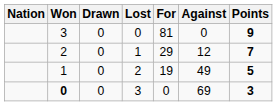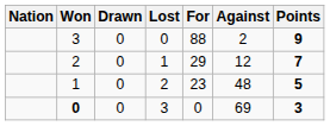 <table class="wikitable" style="text-align: center;">
 <tr>
 <th>Nation</th>
 <th>Won</th>
 <th>Drawn</th>
 <th>Lost</th>
 <th>For</th>
 <th>Against</th>
 <th>Points</th>
 </tr>
 <tr>
 <td align="left"></td>
 <td>3</td>
 <td>0</td>
 <td>0</td>
-<td>81</td>
-<td>0</td>
+<td>88</td>
+<td>2</td>
 <td><strong>9</strong></td>
 </tr>
 <tr>
 <td align="left"></td>
 <td>2</td>
 <td>0</td>
 <td>1</td>
 <td>29</td>
 <td>12</td>
 <td><strong>7</strong></td>
 </tr>
 <tr>
 <td align="left"></td>
 <td>1</td>
 <td>0</td>
 <td>2</td>
-<td>19</td>
-<td>49</td>
+<td>23</td>
+<td>48</td>
 <td><strong>5</strong></td>
 </tr>
 <tr>
 <td align="left"></td>
 <td><strong>0</strong></td>
 <td>0</td>
 <td>3</td>
 <td>0</td>
 <td>69</td>
 <td><strong>3</strong></td>
 </tr>
 </table>
